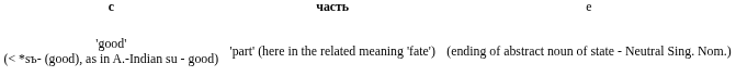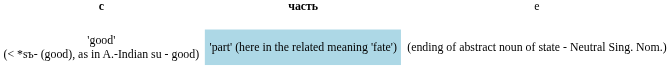 <table align=center cellpadding=6   style="text-align: center">
 <tr>
 <td><strong>с</strong></td>
 <td><strong>часть</strong></td>
 <td>е</td>
 </tr>
 <tr>
 <td></td>
 <td></td>
 <td></td>
 </tr>
 <tr>
 <td>'good'<br>(< *sъ- (good), as in A.-Indian su - good)</td>
-<td>'part' (here in the related meaning 'fate')</td>
+<td style="background: lightblue;">'part' (here in the related meaning 'fate')</td>
 <td>(ending of abstract noun of state - Neutral Sing. Nom.)</td>
 </tr>
 </table>
